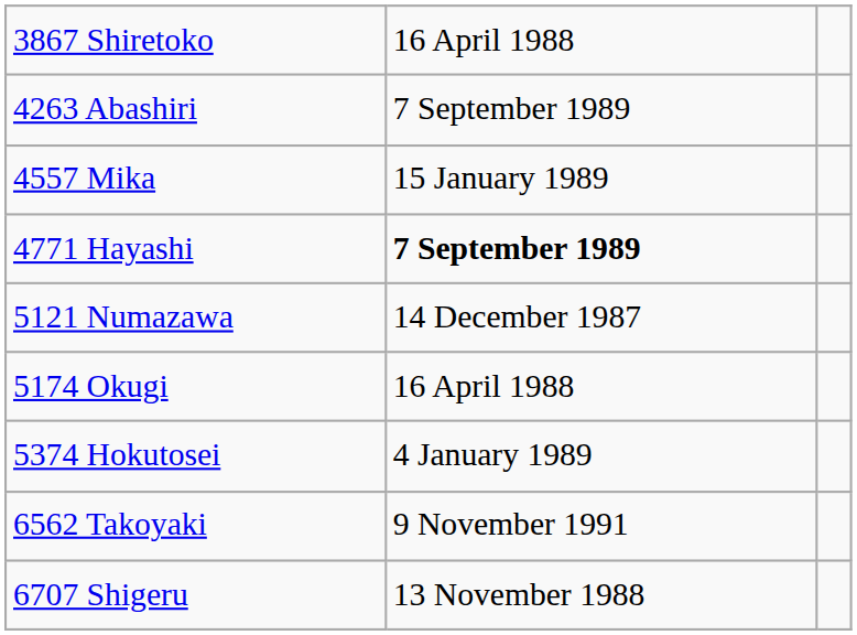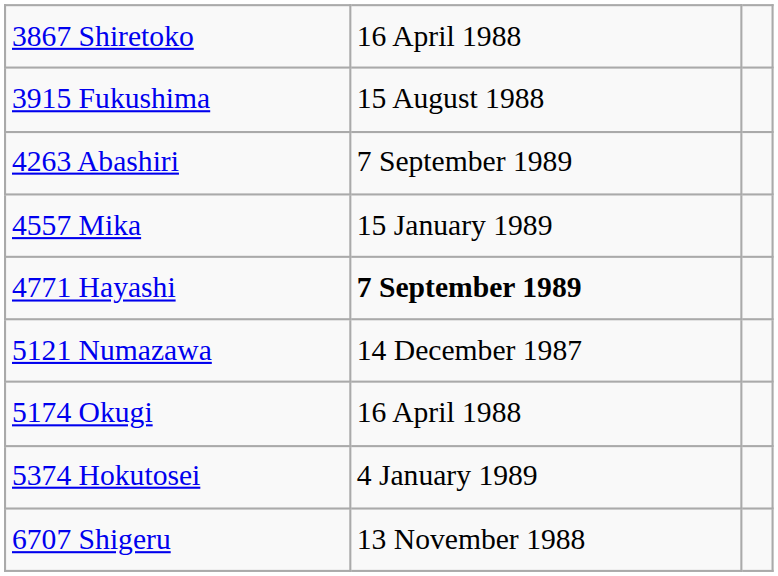 <table class="wikitable" style="font-size: 89%; float: left; width: 26em; margin-right: 1em; line-height: 1.65em !important; height: 270px;">
 <tr>
 <td><a href='#'>3867 Shiretoko</a></td>
 <td>16 April 1988</td>
+<td> </td>
+</tr>
+<tr>
+<td><a href='#'>3915 Fukushima</a></td>
+<td>15 August 1988</td>
 <td> </td>
 </tr>
 <tr>
 <td><a href='#'>4263 Abashiri</a></td>
 <td>7 September 1989</td>
 <td> </td>
 </tr>
 <tr>
 <td><a href='#'>4557 Mika</a></td>
 <td>15 January 1989</td>
 <td> </td>
 </tr>
 <tr>
 <td><a href='#'>4771 Hayashi</a></td>
 <td><strong>7 September 1989</strong></td>
 <td> </td>
 </tr>
 <tr>
 <td><a href='#'>5121 Numazawa</a></td>
 <td>14 December 1987</td>
 <td> </td>
 </tr>
 <tr>
 <td><a href='#'>5174 Okugi</a></td>
 <td>16 April 1988</td>
 <td> </td>
 </tr>
 <tr>
 <td><a href='#'>5374 Hokutosei</a></td>
 <td>4 January 1989</td>
 <td> </td>
 </tr>
 <tr>
-<td><a href='#'>6562 Takoyaki</a></td>
-<td>9 November 1991</td>
-<td> </td>
-</tr>
-<tr>
 <td><a href='#'>6707 Shigeru</a></td>
 <td>13 November 1988</td>
 <td> </td>
 </tr>
 </table>
